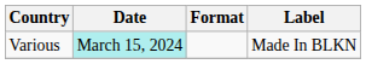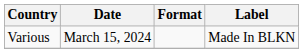 <table class="wikitable plainrowheaders">
 <tr>
 <th scope="col">Country</th>
 <th scope="col">Date</th>
 <th scope="col">Format</th>
 <th scope="col">Label</th>
 </tr>
 <tr>
 <td>Various</td>
-<td style="background: paleturquoise;">March 15, 2024</td>
+<td>March 15, 2024</td>
 <td></td>
 <td>Made In BLKN</td>
 </tr>
 <tr>
 </tr>
 </table>
